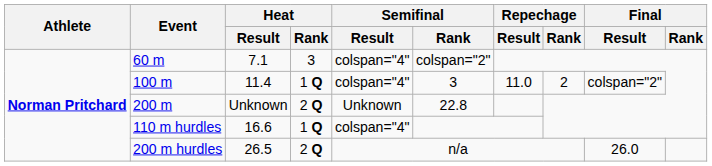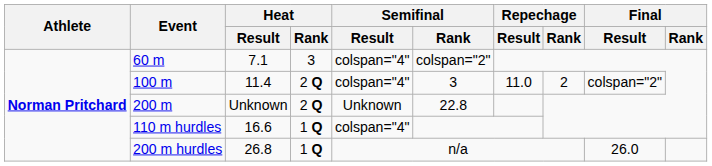 <table class="wikitable sortable">
 <tr>
 <th rowspan="2">Athlete</th>
 <th rowspan="2">Event</th>
 <th colspan="2">Heat</th>
 <th colspan="2">Semifinal</th>
 <th colspan="2">Repechage</th>
 <th colspan="2">Final</th>
 </tr>
 <tr>
 <th>Result</th>
 <th>Rank</th>
 <th>Result</th>
 <th>Rank</th>
 <th>Result</th>
 <th>Rank</th>
 <th>Result</th>
 <th>Rank</th>
 </tr>
 <tr>
 <td rowspan=5><strong><a href='#'>Norman Pritchard</a></strong></td>
 <td><a href='#'>60 m</a></td>
 <td align="center">7.1</td>
 <td align="center">3</td>
 <td>colspan="4"</td>
 <td>colspan="2"</td>
 </tr>
 <tr>
 <td><a href='#'>100 m</a></td>
 <td align="center">11.4</td>
-<td align="center">1 <strong>Q</strong></td>
+<td align="center">2 <strong>Q</strong></td>
 <td>colspan="4"</td>
 <td align="center">3</td>
 <td align="center">11.0</td>
 <td align="center">2</td>
 <td>colspan="2"</td>
 </tr>
 <tr>
 <td><a href='#'>200 m</a></td>
 <td align="center">Unknown</td>
 <td align="center">2 <strong>Q</strong></td>
 <td align="center">Unknown</td>
 <td align="center">22.8</td>
 <td align="center"></td>
 </tr>
 <tr>
 <td><a href='#'>110 m hurdles</a></td>
 <td align="center">16.6</td>
 <td align="center">1 <strong>Q</strong></td>
 <td>colspan="4"</td>
 <td align="center" colspan=2></td>
 </tr>
 <tr>
 <td><a href='#'>200 m hurdles</a></td>
-<td align="center">26.5</td>
-<td align="center">2 <strong>Q</strong></td>
+<td align="center">26.8</td>
+<td align="center">1 <strong>Q</strong></td>
 <td align="center" colspan=4>n/a</td>
 <td align="center">26.0</td>
 <td align="center"></td>
 </tr>
 </table>
